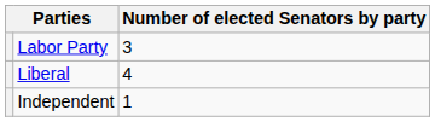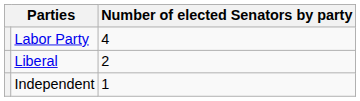 <table class="wikitable sortable">
 <tr>
 <th colspan=2 class="unsortable">Parties</th>
 <th>Number of elected Senators by party</th>
 </tr>
 <tr>
 <th class="unsortable" style="background-color: "></th>
 <td><a href='#'>Labor Party</a></td>
-<td>3</td>
+<td>4</td>
 </tr>
 <tr>
 <th class="unsortable" style="background-color: "></th>
 <td><a href='#'>Liberal</a></td>
-<td>4</td>
+<td>2</td>
 </tr>
 <tr>
 <th class="unsortable" style="background-color: "></th>
 <td>Independent</td>
 <td>1</td>
 </tr>
 </table>
